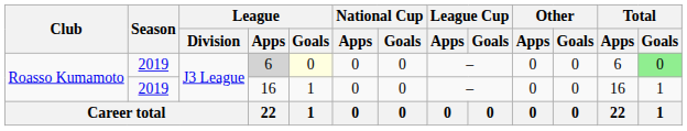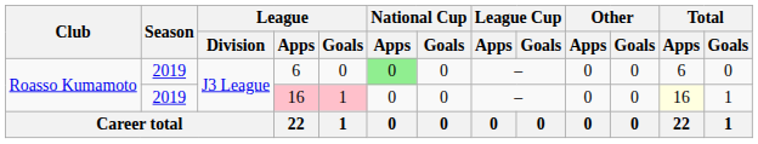 <table class="wikitable" style="text-align: center">
 <tr>
 <th rowspan="2">Club</th>
 <th rowspan="2">Season</th>
 <th colspan="3">League</th>
 <th colspan="2">National Cup</th>
 <th colspan="2">League Cup</th>
 <th colspan="2">Other</th>
 <th colspan="2">Total</th>
 </tr>
 <tr>
 <th>Division</th>
 <th>Apps</th>
 <th>Goals</th>
 <th>Apps</th>
 <th>Goals</th>
 <th>Apps</th>
 <th>Goals</th>
 <th>Apps</th>
 <th>Goals</th>
 <th>Apps</th>
 <th>Goals</th>
 </tr>
 <tr>
 <td rowspan="2"><a href='#'>Roasso Kumamoto</a></td>
 <td><a href='#'>2019</a></td>
 <td rowspan="2"><a href='#'>J3 League</a></td>
-<td style="background: lightgrey;">6</td>
-<td style="background: lightyellow;">0</td>
+<td>6</td>
+<td>0</td>
+<td style="background: lightgreen;">0</td>
+<td>0</td>
+<td colspan="2">–</td>
+<td>0</td>
+<td>0</td>
+<td>6</td>
+<td>0</td>
+</tr>
+<tr>
+<td><a href='#'>2019</a></td>
+<td style="background: pink;">16</td>
+<td style="background: pink;">1</td>
 <td>0</td>
 <td>0</td>
 <td colspan="2">–</td>
 <td>0</td>
 <td>0</td>
-<td>6</td>
-<td style="background: lightgreen;">0</td>
-</tr>
-<tr>
-<td><a href='#'>2019</a></td>
-<td>16</td>
-<td>1</td>
-<td>0</td>
-<td>0</td>
-<td colspan="2">–</td>
-<td>0</td>
-<td>0</td>
-<td>16</td>
+<td style="background: lightyellow;">16</td>
 <td>1</td>
 </tr>
 <tr>
 <th colspan=3>Career total</th>
 <th>22</th>
 <th>1</th>
 <th>0</th>
 <th>0</th>
 <th>0</th>
 <th>0</th>
 <th>0</th>
 <th>0</th>
 <th>22</th>
 <th>1</th>
 </tr>
 </table>
